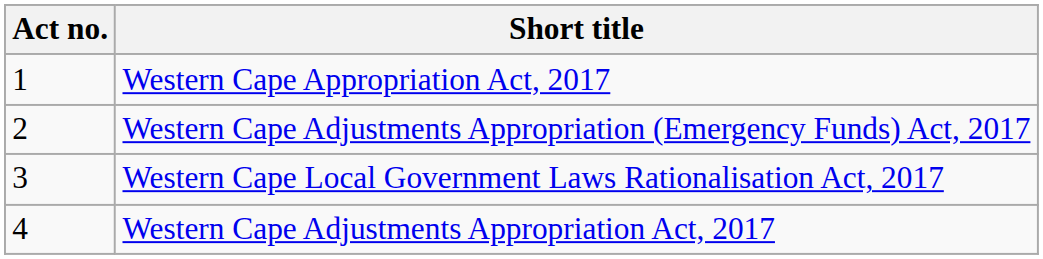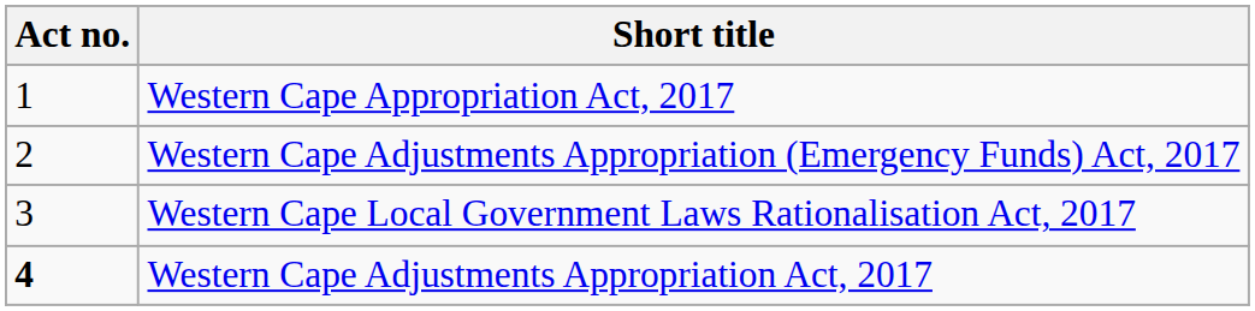 <table class=wikitable sortable>
 <tr>
 <th>Act no.</th>
 <th>Short title</th>
 </tr>
 <tr>
 <td>1</td>
 <td><a href='#'>Western Cape Appropriation Act, 2017</a></td>
 </tr>
 <tr>
 <td>2</td>
 <td><a href='#'>Western Cape Adjustments Appropriation (Emergency Funds) Act, 2017</a></td>
 </tr>
 <tr>
 <td>3</td>
 <td><a href='#'>Western Cape Local Government Laws Rationalisation Act, 2017</a></td>
 </tr>
 <tr>
-<td>4</td>
+<td><strong>4</strong></td>
 <td><a href='#'>Western Cape Adjustments Appropriation Act, 2017</a></td>
 </tr>
 </table>
